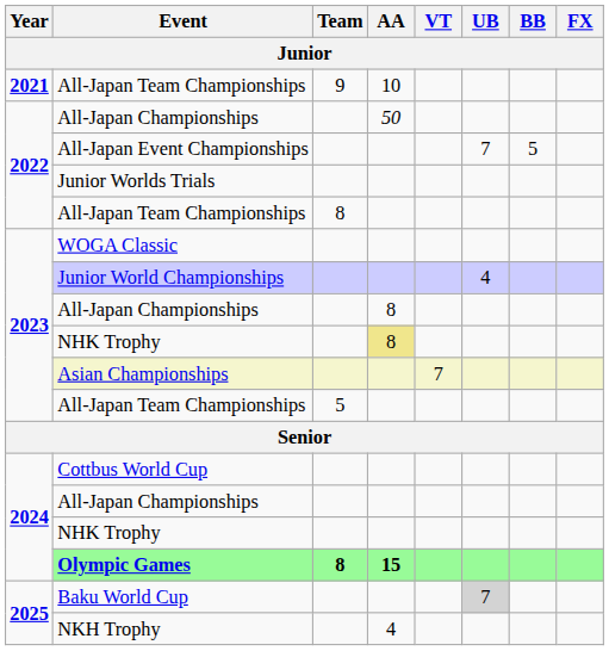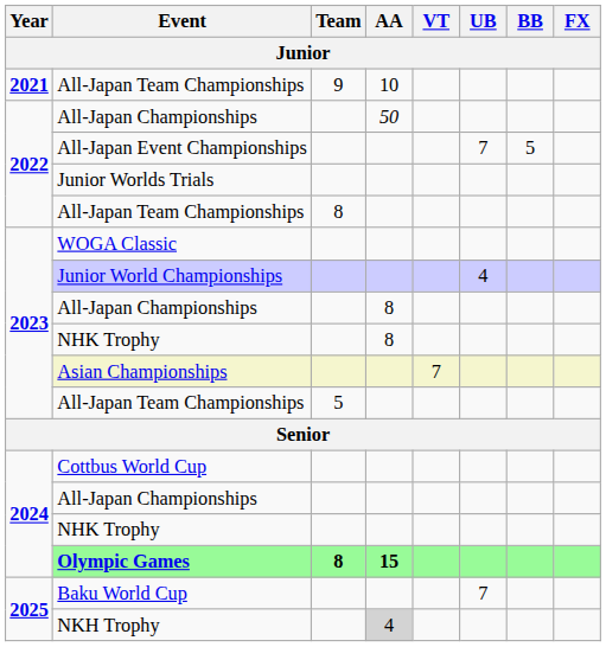 <table class="wikitable" style="text-align:center; font-size:95%;">
 <tr>
 <th align=center>Year</th>
 <th align=center>Event</th>
 <th style="width:30px;">Team</th>
 <th style="width:30px;">AA</th>
 <th style="width:30px;"><a href='#'>VT</a></th>
 <th style="width:30px;"><a href='#'>UB</a></th>
 <th style="width:30px;"><a href='#'>BB</a></th>
 <th style="width:30px;"><a href='#'>FX</a></th>
 </tr>
 <tr>
 <th colspan="8"><strong>Junior</strong></th>
 </tr>
 <tr>
 <td rowspan="1"><strong><a href='#'>2021</a></strong></td>
 <td align=left>All-Japan Team Championships</td>
 <td>9</td>
 <td>10</td>
 <td></td>
 <td></td>
 <td></td>
 <td></td>
 </tr>
 <tr>
 <td rowspan="4"><strong><a href='#'>2022</a></strong></td>
 <td align=left>All-Japan Championships</td>
 <td></td>
 <td><em>50</em></td>
 <td></td>
 <td></td>
 <td></td>
 <td></td>
 </tr>
 <tr>
 <td align=left>All-Japan Event Championships</td>
 <td></td>
 <td></td>
 <td></td>
 <td>7</td>
 <td>5</td>
 <td></td>
 </tr>
 <tr>
 <td align=left>Junior Worlds Trials</td>
 <td></td>
 <td></td>
 <td></td>
 <td></td>
 <td></td>
 <td></td>
 </tr>
 <tr>
 <td align=left>All-Japan Team Championships</td>
 <td>8</td>
 <td></td>
 <td></td>
 <td></td>
 <td></td>
 <td></td>
 </tr>
 <tr>
 <td rowspan="6"><strong><a href='#'>2023</a></strong></td>
 <td align=left><a href='#'>WOGA Classic</a></td>
 <td></td>
 <td></td>
 <td></td>
 <td></td>
 <td></td>
 <td></td>
 </tr>
 <tr bgcolor=#CCCCFF>
 <td align=left><a href='#'>Junior World Championships</a></td>
 <td></td>
 <td></td>
 <td></td>
 <td>4</td>
 <td></td>
 <td></td>
 </tr>
 <tr>
 <td align=left>All-Japan Championships</td>
 <td></td>
 <td>8</td>
 <td></td>
 <td></td>
 <td></td>
 <td></td>
 </tr>
 <tr>
 <td align=left>NHK Trophy</td>
 <td></td>
-<td style="background: khaki;">8</td>
+<td>8</td>
 <td></td>
 <td></td>
 <td></td>
 <td></td>
 </tr>
 <tr bgcolor=#F5F6CE>
 <td align=left><a href='#'>Asian Championships</a></td>
 <td></td>
 <td></td>
 <td>7</td>
 <td></td>
 <td></td>
 <td></td>
 </tr>
 <tr>
 <td align=left>All-Japan Team Championships</td>
 <td>5</td>
 <td></td>
 <td></td>
 <td></td>
 <td></td>
 <td></td>
 </tr>
 <tr>
 <th colspan="8"><strong>Senior</strong></th>
 </tr>
 <tr>
 <td rowspan="4"><strong><a href='#'>2024</a></strong></td>
 <td align=left><a href='#'>Cottbus World Cup</a></td>
 <td></td>
 <td></td>
 <td></td>
 <td></td>
 <td></td>
 <td></td>
 </tr>
 <tr>
 <td align=left>All-Japan Championships</td>
 <td></td>
 <td></td>
 <td></td>
 <td></td>
 <td></td>
 <td></td>
 </tr>
 <tr>
 <td align=left>NHK Trophy</td>
 <td></td>
 <td></td>
 <td></td>
 <td></td>
 <td></td>
 <td></td>
 </tr>
 <tr bgcolor=98FB98>
 <td align=left><strong><a href='#'>Olympic Games</a></strong></td>
 <td><strong>8</strong></td>
 <td><strong>15</strong></td>
 <td></td>
 <td></td>
 <td></td>
 <td></td>
 </tr>
 <tr>
 <td rowspan="2"><strong><a href='#'>2025</a></strong></td>
 <td align=left><a href='#'>Baku World Cup</a></td>
 <td></td>
 <td></td>
 <td></td>
-<td style="background: lightgrey;">7</td>
+<td>7</td>
 <td></td>
 <td></td>
 </tr>
 <tr>
 <td align=left>NKH Trophy</td>
 <td></td>
-<td>4</td>
+<td style="background: lightgrey;">4</td>
 <td></td>
 <td></td>
 <td></td>
 <td></td>
 </tr>
 </table>
